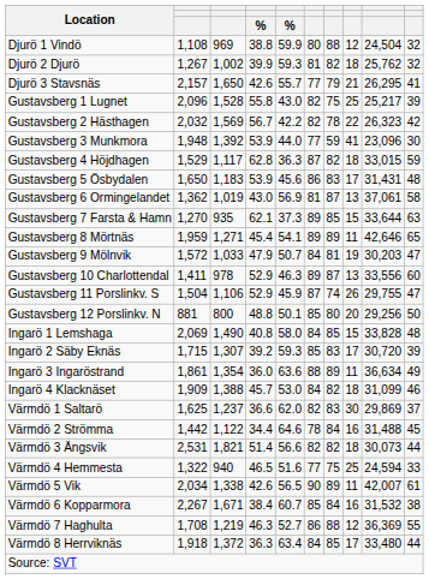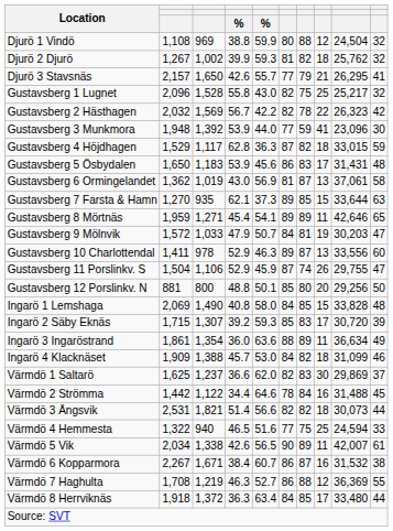 <table role="presentation" class="wikitable sortable mw-collapsible mw-collapsed">
 <tr>
 <th rowspan="3">Location</th>
 <th></th>
 <th></th>
 <th></th>
 <th></th>
 <th></th>
 <th></th>
 <th></th>
 <th></th>
 <th></th>
 </tr>
 <tr>
 <th></th>
 <th></th>
 <th style="background:"></th>
 <th style="background:"></th>
 <th></th>
 <th></th>
 <th></th>
 <th></th>
 <th></th>
 </tr>
 <tr>
 <th data-sort-type="number"></th>
 <th data-sort-type="number"></th>
 <th data-sort-type="number">%</th>
 <th data-sort-type="number">%</th>
 <th data-sort-type="number"></th>
 <th data-sort-type="number"></th>
 <th data-sort-type="number"></th>
 <th data-sort-type="number"></th>
 <th data-sort-type="number"></th>
 </tr>
 <tr>
 <td align="left">Djurö 1 Vindö</td>
 <td>1,108</td>
 <td>969</td>
 <td>38.8</td>
 <td>59.9</td>
 <td>80</td>
 <td>88</td>
 <td>12</td>
 <td>24,504</td>
 <td>32</td>
 </tr>
 <tr>
 <td align="left">Djurö 2 Djurö</td>
 <td>1,267</td>
 <td>1,002</td>
 <td>39.9</td>
 <td>59.3</td>
 <td>81</td>
 <td>82</td>
 <td>18</td>
 <td>25,762</td>
 <td>32</td>
 </tr>
 <tr>
 <td align="left">Djurö 3 Stavsnäs</td>
 <td>2,157</td>
 <td>1,650</td>
 <td>42.6</td>
 <td>55.7</td>
 <td>77</td>
 <td>79</td>
 <td>21</td>
 <td>26,295</td>
 <td>41</td>
 </tr>
 <tr>
 <td align="left">Gustavsberg 1 Lugnet</td>
 <td>2,096</td>
 <td>1,528</td>
 <td>55.8</td>
 <td>43.0</td>
 <td>82</td>
 <td>75</td>
 <td>25</td>
 <td>25,217</td>
-<td>39</td>
+<td>32</td>
 </tr>
 <tr>
 <td align="left">Gustavsberg 2 Hästhagen</td>
 <td>2,032</td>
 <td>1,569</td>
 <td>56.7</td>
 <td>42.2</td>
 <td>82</td>
 <td>78</td>
 <td>22</td>
 <td>26,323</td>
 <td>42</td>
 </tr>
 <tr>
 <td align="left">Gustavsberg 3 Munkmora</td>
 <td>1,948</td>
 <td>1,392</td>
 <td>53.9</td>
 <td>44.0</td>
 <td>77</td>
 <td>59</td>
 <td>41</td>
 <td>23,096</td>
 <td>30</td>
 </tr>
 <tr>
 <td align="left">Gustavsberg 4 Höjdhagen</td>
 <td>1,529</td>
 <td>1,117</td>
 <td>62.8</td>
 <td>36.3</td>
 <td>87</td>
 <td>82</td>
 <td>18</td>
 <td>33,015</td>
 <td>59</td>
 </tr>
 <tr>
 <td align="left">Gustavsberg 5 Ösbydalen</td>
 <td>1,650</td>
 <td>1,183</td>
 <td>53.9</td>
 <td>45.6</td>
 <td>86</td>
 <td>83</td>
 <td>17</td>
 <td>31,431</td>
 <td>48</td>
 </tr>
 <tr>
 <td align="left">Gustavsberg 6 Ormingelandet</td>
 <td>1,362</td>
 <td>1,019</td>
 <td>43.0</td>
 <td>56.9</td>
 <td>81</td>
 <td>87</td>
 <td>13</td>
 <td>37,061</td>
 <td>58</td>
 </tr>
 <tr>
 <td align="left">Gustavsberg 7 Farsta & Hamn</td>
 <td>1,270</td>
 <td>935</td>
 <td>62.1</td>
 <td>37.3</td>
 <td>89</td>
 <td>85</td>
 <td>15</td>
 <td>33,644</td>
 <td>63</td>
 </tr>
 <tr>
 <td align="left">Gustavsberg 8 Mörtnäs</td>
 <td>1,959</td>
 <td>1,271</td>
 <td>45.4</td>
 <td>54.1</td>
 <td>89</td>
 <td>89</td>
 <td>11</td>
 <td>42,646</td>
 <td>65</td>
 </tr>
 <tr>
 <td align="left">Gustavsberg 9 Mölnvik</td>
 <td>1,572</td>
 <td>1,033</td>
 <td>47.9</td>
 <td>50.7</td>
 <td>84</td>
 <td>81</td>
 <td>19</td>
 <td>30,203</td>
 <td>47</td>
 </tr>
 <tr>
 <td align="left">Gustavsberg 10 Charlottendal</td>
 <td>1,411</td>
 <td>978</td>
 <td>52.9</td>
 <td>46.3</td>
 <td>89</td>
 <td>87</td>
 <td>13</td>
 <td>33,556</td>
 <td>60</td>
 </tr>
 <tr>
 <td align="left">Gustavsberg 11 Porslinkv. S</td>
 <td>1,504</td>
 <td>1,106</td>
 <td>52.9</td>
 <td>45.9</td>
 <td>87</td>
 <td>74</td>
 <td>26</td>
 <td>29,755</td>
 <td>47</td>
 </tr>
 <tr>
 <td align="left">Gustavsberg 12 Porslinkv. N</td>
 <td>881</td>
 <td>800</td>
 <td>48.8</td>
 <td>50.1</td>
 <td>85</td>
 <td>80</td>
 <td>20</td>
 <td>29,256</td>
 <td>50</td>
 </tr>
 <tr>
 <td align="left">Ingarö 1 Lemshaga</td>
 <td>2,069</td>
 <td>1,490</td>
 <td>40.8</td>
 <td>58.0</td>
 <td>84</td>
 <td>85</td>
 <td>15</td>
 <td>33,828</td>
 <td>48</td>
 </tr>
 <tr>
 <td align="left">Ingarö 2 Säby Eknäs</td>
 <td>1,715</td>
 <td>1,307</td>
 <td>39.2</td>
 <td>59.3</td>
 <td>85</td>
 <td>83</td>
 <td>17</td>
 <td>30,720</td>
 <td>39</td>
 </tr>
 <tr>
 <td align="left">Ingarö 3 Ingaröstrand</td>
 <td>1,861</td>
 <td>1,354</td>
 <td>36.0</td>
 <td>63.6</td>
 <td>88</td>
 <td>89</td>
 <td>11</td>
 <td>36,634</td>
 <td>49</td>
 </tr>
 <tr>
 <td align="left">Ingarö 4 Klacknäset</td>
 <td>1,909</td>
 <td>1,388</td>
 <td>45.7</td>
 <td>53.0</td>
 <td>84</td>
 <td>82</td>
 <td>18</td>
 <td>31,099</td>
 <td>46</td>
 </tr>
 <tr>
 <td align="left">Värmdö 1 Saltarö</td>
 <td>1,625</td>
 <td>1,237</td>
 <td>36.6</td>
 <td>62.0</td>
 <td>82</td>
 <td>83</td>
 <td>30</td>
 <td>29,869</td>
 <td>37</td>
 </tr>
 <tr>
 <td align="left">Värmdö 2 Strömma</td>
 <td>1,442</td>
 <td>1,122</td>
 <td>34.4</td>
 <td>64.6</td>
 <td>78</td>
 <td>84</td>
 <td>16</td>
 <td>31,488</td>
 <td>45</td>
 </tr>
 <tr>
 <td align="left">Värmdö 3 Ängsvik</td>
 <td>2,531</td>
 <td>1,821</td>
 <td>51.4</td>
 <td>56.6</td>
 <td>82</td>
 <td>82</td>
 <td>18</td>
 <td>30,073</td>
 <td>44</td>
 </tr>
 <tr>
 <td align="left">Värmdö 4 Hemmesta</td>
 <td>1,322</td>
 <td>940</td>
 <td>46.5</td>
 <td>51.6</td>
 <td>77</td>
 <td>75</td>
 <td>25</td>
 <td>24,594</td>
 <td>33</td>
 </tr>
 <tr>
 <td align="left">Värmdö 5 Vik</td>
 <td>2,034</td>
 <td>1,338</td>
 <td>42.6</td>
 <td>56.5</td>
 <td>90</td>
 <td>89</td>
 <td>11</td>
 <td>42,007</td>
 <td>61</td>
 </tr>
 <tr>
 <td align="left">Värmdö 6 Kopparmora</td>
 <td>2,267</td>
 <td>1,671</td>
 <td>38.4</td>
 <td>60.7</td>
-<td>85</td>
-<td>84</td>
+<td>86</td>
+<td>87</td>
 <td>16</td>
 <td>31,532</td>
 <td>38</td>
 </tr>
 <tr>
 <td align="left">Värmdö 7 Haghulta</td>
 <td>1,708</td>
 <td>1,219</td>
 <td>46.3</td>
 <td>52.7</td>
 <td>86</td>
 <td>88</td>
 <td>12</td>
 <td>36,369</td>
 <td>55</td>
 </tr>
 <tr>
 <td align="left">Värmdö 8 Herrviknäs</td>
 <td>1,918</td>
 <td>1,372</td>
 <td>36.3</td>
 <td>63.4</td>
 <td>84</td>
 <td>85</td>
 <td>17</td>
 <td>33,480</td>
 <td>44</td>
 </tr>
 <tr>
 <td colspan="10" align="left">Source: <a href='#'>SVT</a></td>
 </tr>
 </table>
